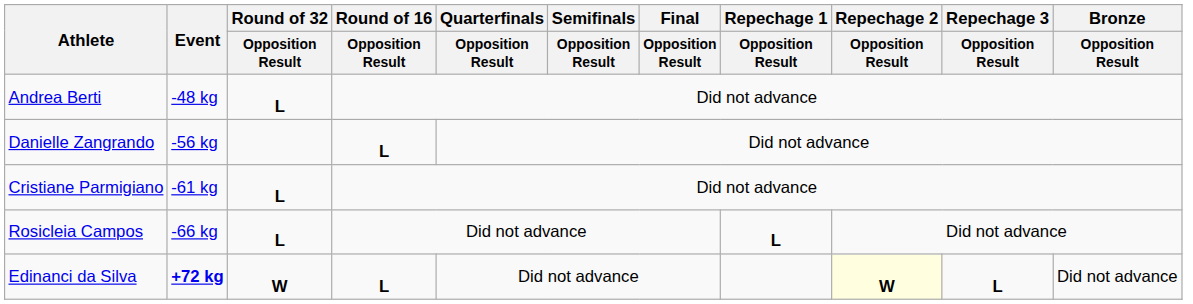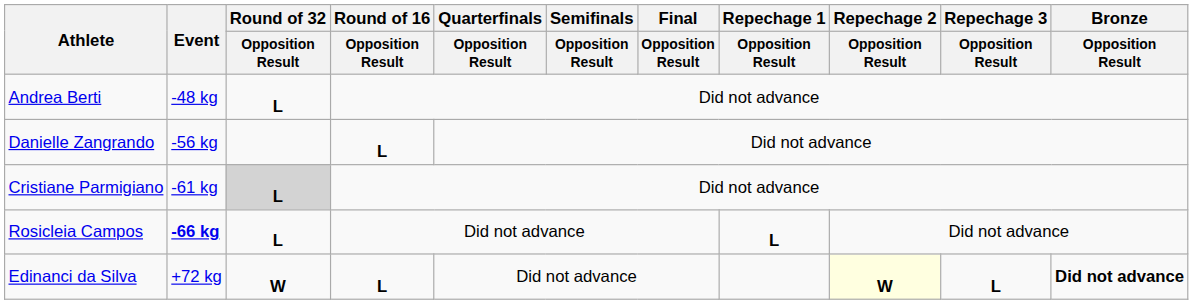 <table class="wikitable" style="font-size:90%">
 <tr>
 <th rowspan="2">Athlete</th>
 <th rowspan="2">Event</th>
 <th>Round of 32</th>
 <th>Round of 16</th>
 <th>Quarterfinals</th>
 <th>Semifinals</th>
 <th>Final</th>
 <th>Repechage 1</th>
 <th>Repechage 2</th>
 <th>Repechage 3</th>
 <th>Bronze</th>
 </tr>
 <tr>
 <th style="line-height:1em"><small>Opposition<br>Result</small></th>
 <th style="line-height:1em"><small>Opposition<br>Result</small></th>
 <th style="line-height:1em"><small>Opposition<br>Result</small></th>
 <th style="line-height:1em"><small>Opposition<br>Result</small></th>
 <th style="line-height:1em"><small>Opposition<br>Result</small></th>
 <th style="line-height:1em"><small>Opposition<br>Result</small></th>
 <th style="line-height:1em"><small>Opposition<br>Result</small></th>
 <th style="line-height:1em"><small>Opposition<br>Result</small></th>
 <th style="line-height:1em"><small>Opposition<br>Result</small></th>
 </tr>
 <tr>
 <td><a href='#'>Andrea Berti</a></td>
 <td><a href='#'>-48 kg</a></td>
 <td align="center"><br><strong>L</strong></td>
 <td align="center" colspan=8>Did not advance</td>
 </tr>
 <tr>
 <td><a href='#'>Danielle Zangrando</a></td>
 <td><a href='#'>-56 kg</a></td>
 <td></td>
 <td align="center"><br><strong>L</strong></td>
 <td align="center" colspan=7>Did not advance</td>
 </tr>
 <tr>
 <td><a href='#'>Cristiane Parmigiano</a></td>
 <td><a href='#'>-61 kg</a></td>
-<td align="center"><br><strong>L</strong></td>
+<td align="center" style="background: lightgrey;"><br><strong>L</strong></td>
 <td align="center" colspan=8>Did not advance</td>
 </tr>
 <tr>
 <td><a href='#'>Rosicleia Campos</a></td>
-<td><a href='#'>-66 kg</a></td>
+<td><strong><a href='#'>-66 kg</a></strong></td>
 <td align="center"><br><strong>L</strong></td>
 <td align="center" colspan=4>Did not advance</td>
 <td align="center"><br><strong>L</strong></td>
 <td align="center" colspan=3>Did not advance</td>
 </tr>
 <tr>
 <td><a href='#'>Edinanci da Silva</a></td>
-<td><strong><a href='#'>+72 kg</a></strong></td>
+<td><a href='#'>+72 kg</a></td>
 <td align="center"><br><strong>W</strong></td>
 <td align="center"><br><strong>L</strong></td>
 <td align="center" colspan=3>Did not advance</td>
 <td></td>
 <td align="center" style="background: lightyellow;"><br><strong>W</strong></td>
 <td align="center"><br><strong>L</strong></td>
-<td align="center">Did not advance</td>
+<td align="center"><strong>Did not advance</strong></td>
 </tr>
 </table>
